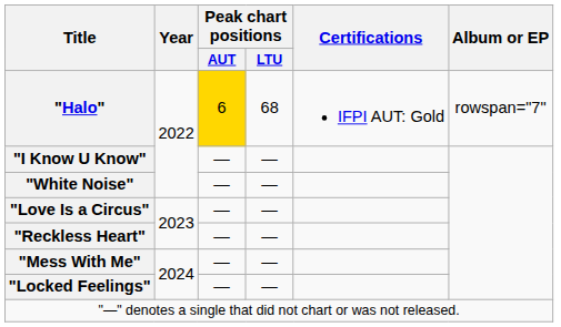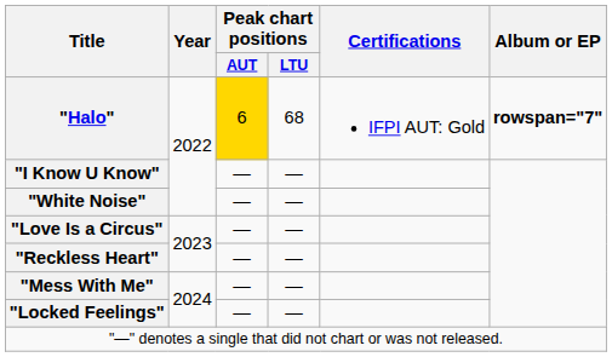 <table class="wikitable plainrowheaders" style="text-align:center;">
 <tr>
 <th scope="col" rowspan="2">Title</th>
 <th scope="col" rowspan="2">Year</th>
 <th scope="col" colspan="2">Peak chart positions</th>
 <th scope="col" rowspan="2"><a href='#'>Certifications</a></th>
 <th scope="col" rowspan="2">Album or EP</th>
 </tr>
 <tr>
 <th scope="col" style="width:3em;font-size:85%;"><a href='#'>AUT</a><br></th>
 <th scope="col" style="width:3em;font-size:85%;"><a href='#'>LTU</a><br></th>
 </tr>
 <tr>
 <th scope="row">"<a href='#'>Halo</a>"<br></th>
 <td rowspan="3">2022</td>
 <td style="background: gold;">6</td>
 <td>68</td>
 <td><br><ul><li><a href='#'>IFPI</a> AUT: Gold</li></ul></td>
-<td>rowspan="7" </td>
+<td><strong>rowspan="7" </strong></td>
 </tr>
 <tr>
 <th scope="row">"I Know U Know"</th>
 <td>—</td>
 <td>—</td>
 <td></td>
 </tr>
 <tr>
 <th scope="row">"White Noise"</th>
 <td>—</td>
 <td>—</td>
 <td></td>
 </tr>
 <tr>
 <th scope="row">"Love Is a Circus"</th>
 <td rowspan="2">2023</td>
 <td>—</td>
 <td>—</td>
 <td></td>
 </tr>
 <tr>
 <th scope="row">"Reckless Heart"</th>
 <td>—</td>
 <td>—</td>
 <td></td>
 </tr>
 <tr>
 <th scope="row">"Mess With Me"</th>
 <td rowspan="2">2024</td>
 <td>—</td>
 <td>—</td>
 <td></td>
 </tr>
 <tr>
 <th scope="row">"Locked Feelings"</th>
 <td>—</td>
 <td>—</td>
 <td></td>
 </tr>
 <tr>
 <td colspan="6" style="text-align:center; font-size:85%;">"—" denotes a single that did not chart or was not released.</td>
 </tr>
 </table>
